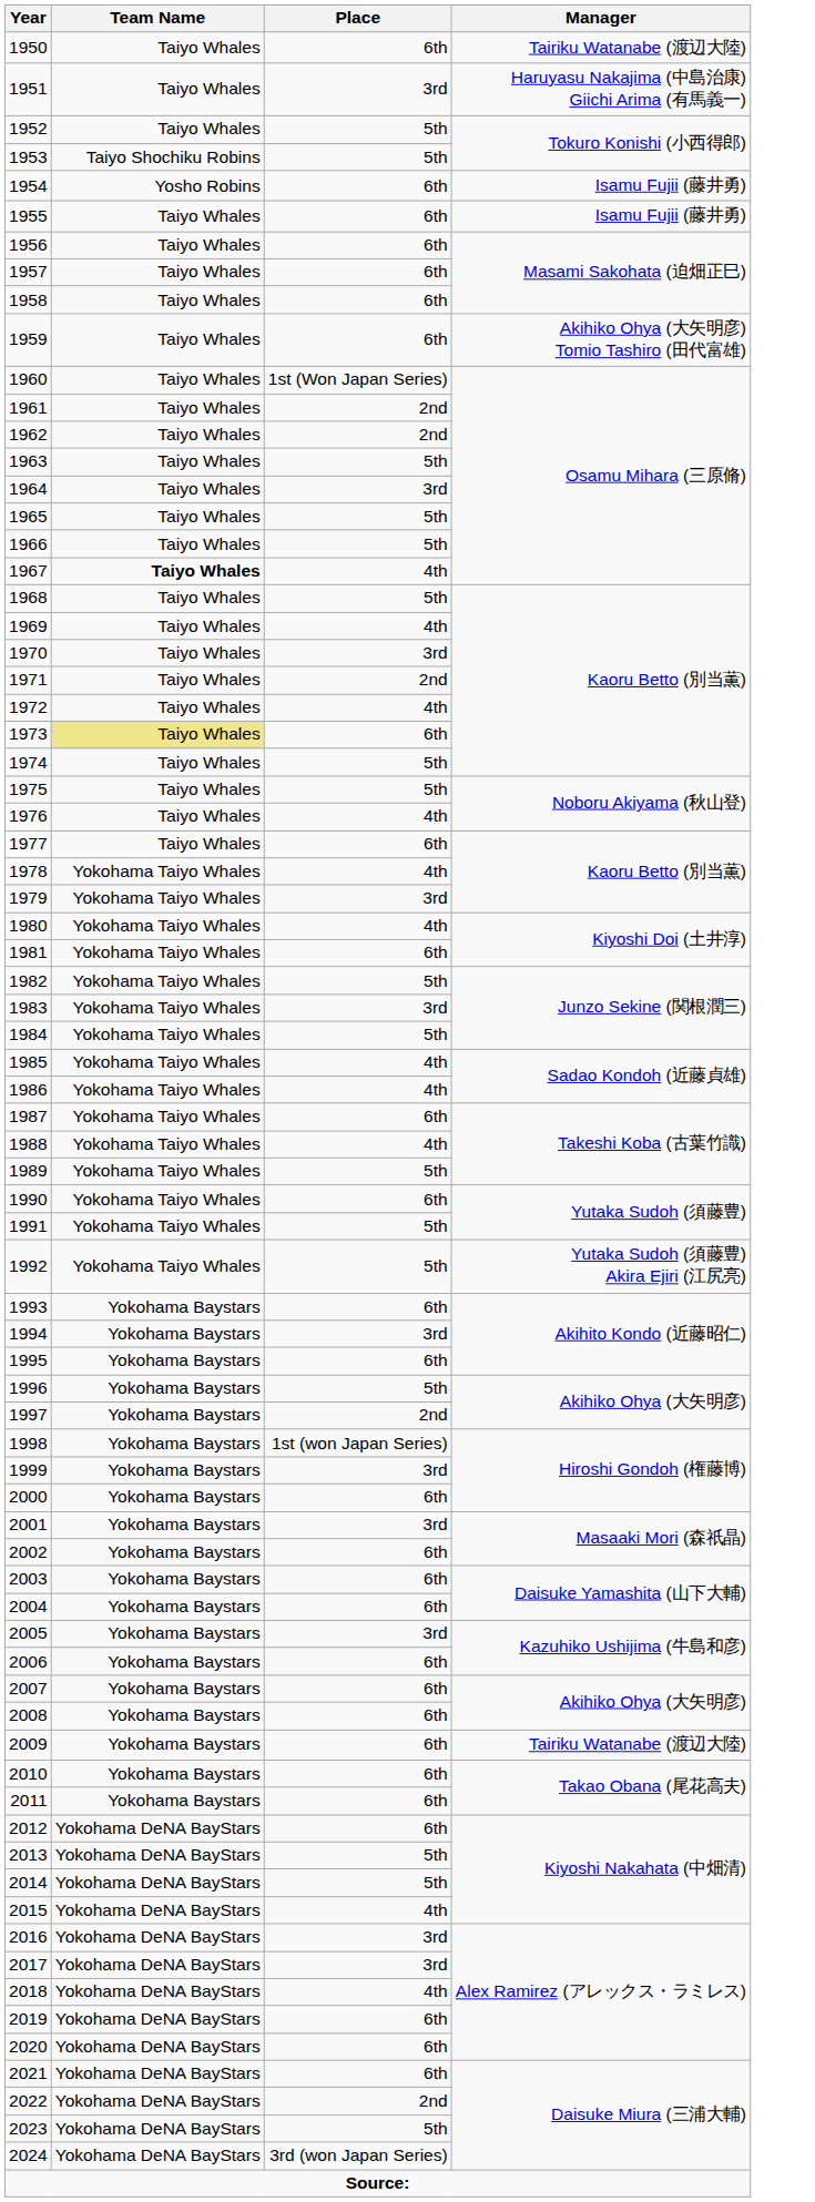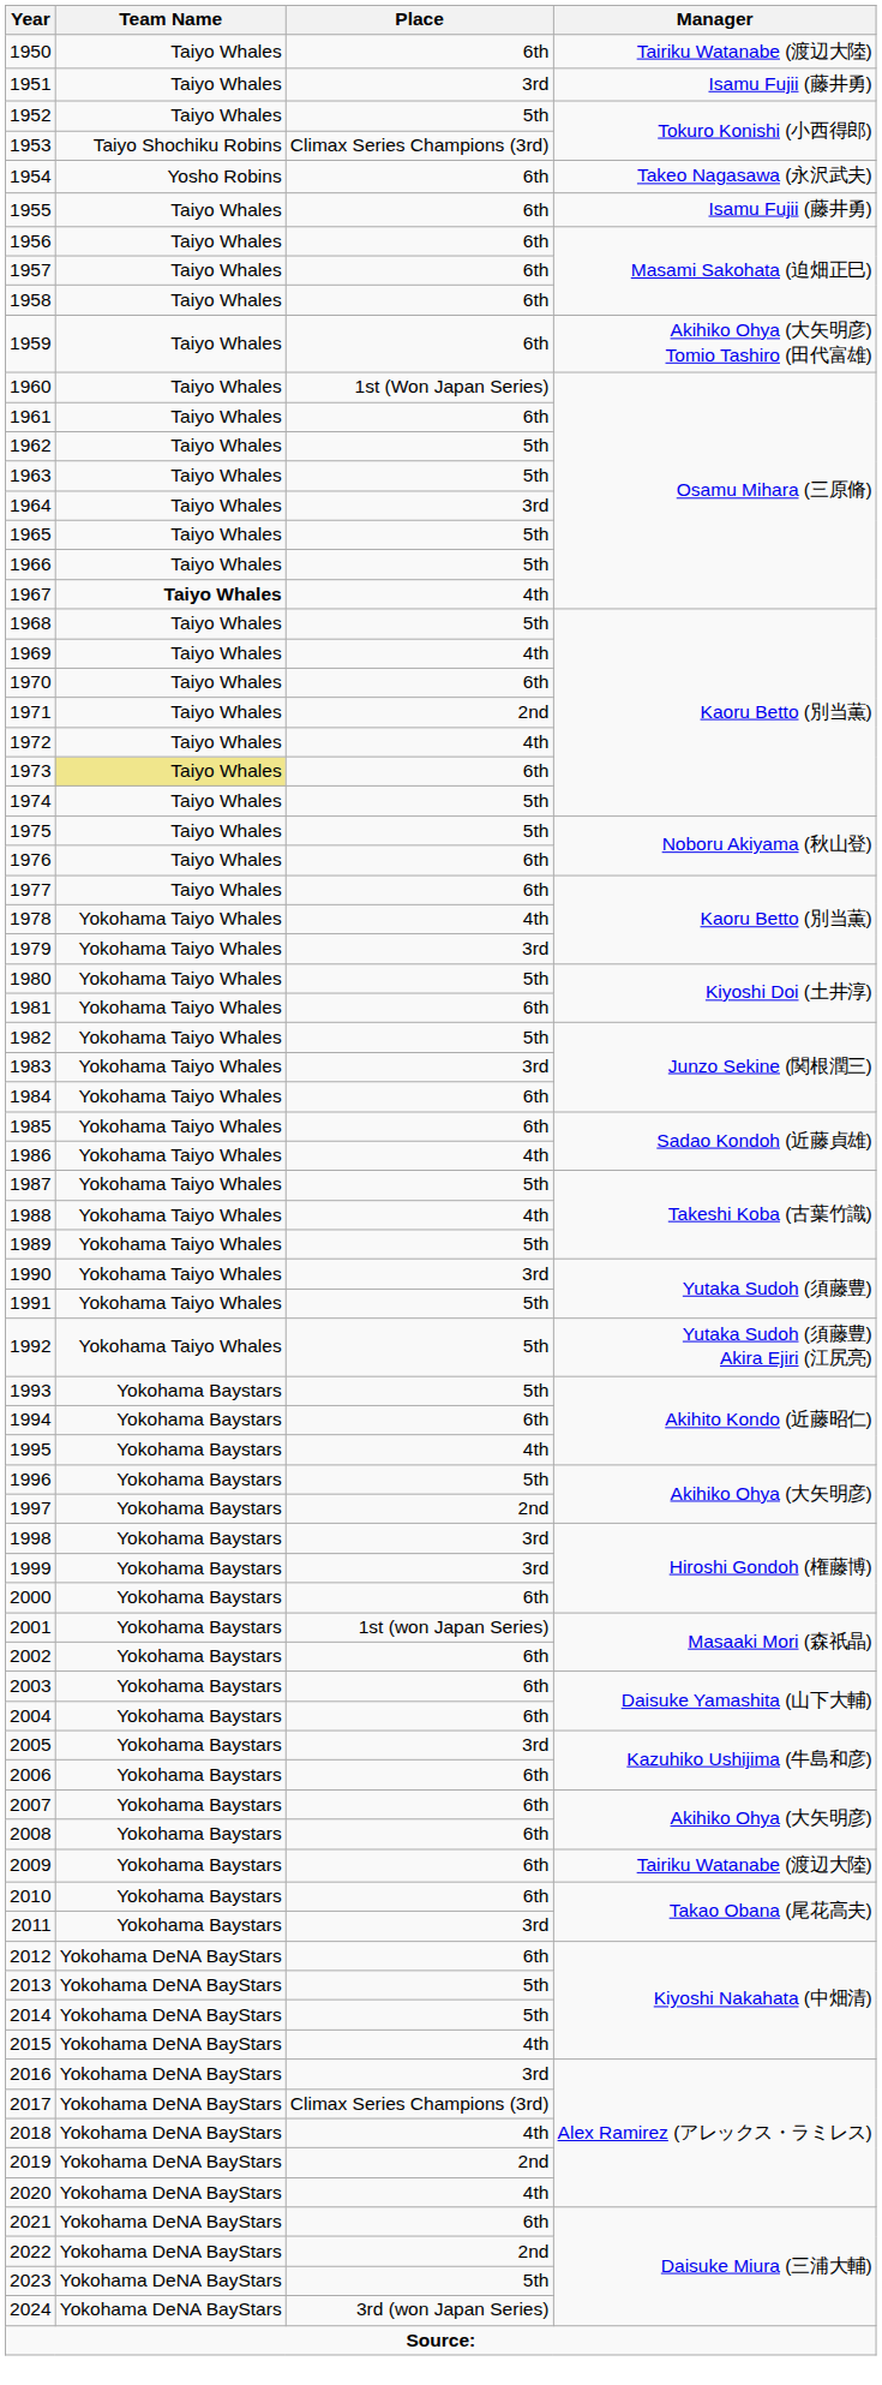 <table class="wikitable" style="text-align: right;">
 <tr>
 <th>Year</th>
 <th>Team Name</th>
 <th>Place</th>
 <th>Manager</th>
 </tr>
 <tr>
 <td>1950</td>
 <td>Taiyo Whales</td>
 <td>6th</td>
 <td><a href='#'>Tairiku Watanabe</a> (渡辺大陸)</td>
 </tr>
 <tr>
 <td>1951</td>
 <td>Taiyo Whales</td>
 <td>3rd</td>
-<td><a href='#'>Haruyasu Nakajima</a> (中島治康)<br><a href='#'>Giichi Arima</a> (有馬義一)</td>
+<td><a href='#'>Isamu Fujii</a> (藤井勇)</td>
 </tr>
 <tr>
 <td>1952</td>
 <td>Taiyo Whales</td>
 <td>5th</td>
 <td rowspan="2"><a href='#'>Tokuro Konishi</a> (小西得郎)</td>
 </tr>
 <tr>
 <td>1953</td>
 <td>Taiyo Shochiku Robins</td>
-<td>5th</td>
+<td>Climax Series Champions (3rd)</td>
 </tr>
 <tr>
 <td>1954</td>
 <td>Yosho Robins</td>
 <td>6th</td>
-<td><a href='#'>Isamu Fujii</a> (藤井勇)</td>
+<td><a href='#'>Takeo Nagasawa</a> (永沢武夫)</td>
 </tr>
 <tr>
 <td>1955</td>
 <td>Taiyo Whales</td>
 <td>6th</td>
 <td><a href='#'>Isamu Fujii</a> (藤井勇)</td>
 </tr>
 <tr>
 <td>1956</td>
 <td>Taiyo Whales</td>
 <td>6th</td>
 <td rowspan="3"><a href='#'>Masami Sakohata</a> (迫畑正巳)</td>
 </tr>
 <tr>
 <td>1957</td>
 <td>Taiyo Whales</td>
 <td>6th</td>
 </tr>
 <tr>
 <td>1958</td>
 <td>Taiyo Whales</td>
 <td>6th</td>
 </tr>
 <tr>
 <td>1959</td>
 <td>Taiyo Whales</td>
 <td>6th</td>
 <td><a href='#'>Akihiko Ohya</a> (大矢明彦)<br><a href='#'>Tomio Tashiro</a> (田代富雄)</td>
 </tr>
 <tr>
 <td>1960</td>
 <td>Taiyo Whales</td>
 <td>1st (Won Japan Series)</td>
 <td rowspan="8"><a href='#'>Osamu Mihara</a> (三原脩)</td>
 </tr>
 <tr>
 <td>1961</td>
 <td>Taiyo Whales</td>
-<td>2nd</td>
+<td>6th</td>
 </tr>
 <tr>
 <td>1962</td>
 <td>Taiyo Whales</td>
-<td>2nd</td>
+<td>5th</td>
 </tr>
 <tr>
 <td>1963</td>
 <td>Taiyo Whales</td>
 <td>5th</td>
 </tr>
 <tr>
 <td>1964</td>
 <td>Taiyo Whales</td>
 <td>3rd</td>
 </tr>
 <tr>
 <td>1965</td>
 <td>Taiyo Whales</td>
 <td>5th</td>
 </tr>
 <tr>
 <td>1966</td>
 <td>Taiyo Whales</td>
 <td>5th</td>
 </tr>
 <tr>
 <td>1967</td>
 <td><strong>Taiyo Whales</strong></td>
 <td>4th</td>
 </tr>
 <tr>
 <td>1968</td>
 <td>Taiyo Whales</td>
 <td>5th</td>
 <td rowspan="7"><a href='#'>Kaoru Betto</a> (別当薫)</td>
 </tr>
 <tr>
 <td>1969</td>
 <td>Taiyo Whales</td>
 <td>4th</td>
 </tr>
 <tr>
 <td>1970</td>
 <td>Taiyo Whales</td>
-<td>3rd</td>
+<td>6th</td>
 </tr>
 <tr>
 <td>1971</td>
 <td>Taiyo Whales</td>
 <td>2nd</td>
 </tr>
 <tr>
 <td>1972</td>
 <td>Taiyo Whales</td>
 <td>4th</td>
 </tr>
 <tr>
 <td>1973</td>
 <td style="background: khaki;">Taiyo Whales</td>
 <td>6th</td>
 </tr>
 <tr>
 <td>1974</td>
 <td>Taiyo Whales</td>
 <td>5th</td>
 </tr>
 <tr>
 <td>1975</td>
 <td>Taiyo Whales</td>
 <td>5th</td>
 <td rowspan="2"><a href='#'>Noboru Akiyama</a> (秋山登)</td>
 </tr>
 <tr>
 <td>1976</td>
 <td>Taiyo Whales</td>
-<td>4th</td>
+<td>6th</td>
 </tr>
 <tr>
 <td>1977</td>
 <td>Taiyo Whales</td>
 <td>6th</td>
 <td rowspan="3"><a href='#'>Kaoru Betto</a> (別当薫)</td>
 </tr>
 <tr>
 <td>1978</td>
 <td>Yokohama Taiyo Whales</td>
 <td>4th</td>
 </tr>
 <tr>
 <td>1979</td>
 <td>Yokohama Taiyo Whales</td>
 <td>3rd</td>
 </tr>
 <tr>
 <td>1980</td>
 <td>Yokohama Taiyo Whales</td>
-<td>4th</td>
+<td>5th</td>
 <td rowspan="2="><a href='#'>Kiyoshi Doi</a> (土井淳)</td>
 </tr>
 <tr>
 <td>1981</td>
 <td>Yokohama Taiyo Whales</td>
 <td>6th</td>
 </tr>
 <tr>
 <td>1982</td>
 <td>Yokohama Taiyo Whales</td>
 <td>5th</td>
 <td rowspan="3"><a href='#'>Junzo Sekine</a> (関根潤三)</td>
 </tr>
 <tr>
 <td>1983</td>
 <td>Yokohama Taiyo Whales</td>
 <td>3rd</td>
 </tr>
 <tr>
 <td>1984</td>
 <td>Yokohama Taiyo Whales</td>
-<td>5th</td>
+<td>6th</td>
 </tr>
 <tr>
 <td>1985</td>
 <td>Yokohama Taiyo Whales</td>
-<td>4th</td>
+<td>6th</td>
 <td rowspan="2"><a href='#'>Sadao Kondoh</a> (近藤貞雄)</td>
 </tr>
 <tr>
 <td>1986</td>
 <td>Yokohama Taiyo Whales</td>
 <td>4th</td>
 </tr>
 <tr>
 <td>1987</td>
 <td>Yokohama Taiyo Whales</td>
-<td>6th</td>
+<td>5th</td>
 <td rowspan="3"><a href='#'>Takeshi Koba</a> (古葉竹識)</td>
 </tr>
 <tr>
 <td>1988</td>
 <td>Yokohama Taiyo Whales</td>
 <td>4th</td>
 </tr>
 <tr>
 <td>1989</td>
 <td>Yokohama Taiyo Whales</td>
 <td>5th</td>
 </tr>
 <tr>
 <td>1990</td>
 <td>Yokohama Taiyo Whales</td>
-<td>6th</td>
+<td>3rd</td>
 <td rowspan="2"><a href='#'>Yutaka Sudoh</a> (須藤豊)</td>
 </tr>
 <tr>
 <td>1991</td>
 <td>Yokohama Taiyo Whales</td>
 <td>5th</td>
 </tr>
 <tr>
 <td>1992</td>
 <td>Yokohama Taiyo Whales</td>
 <td>5th</td>
 <td><a href='#'>Yutaka Sudoh</a> (須藤豊)<br><a href='#'>Akira Ejiri</a> (江尻亮)</td>
 </tr>
 <tr>
 <td>1993</td>
 <td>Yokohama Baystars</td>
-<td>6th</td>
+<td>5th</td>
 <td rowspan="3"><a href='#'>Akihito Kondo</a> (近藤昭仁)</td>
 </tr>
 <tr>
 <td>1994</td>
 <td>Yokohama Baystars</td>
-<td>3rd</td>
+<td>6th</td>
 </tr>
 <tr>
 <td>1995</td>
 <td>Yokohama Baystars</td>
-<td>6th</td>
+<td>4th</td>
 </tr>
 <tr>
 <td>1996</td>
 <td>Yokohama Baystars</td>
 <td>5th</td>
 <td rowspan="2"><a href='#'>Akihiko Ohya</a> (大矢明彦)</td>
 </tr>
 <tr>
 <td>1997</td>
 <td>Yokohama Baystars</td>
 <td>2nd</td>
 </tr>
 <tr>
 <td>1998</td>
 <td>Yokohama Baystars</td>
-<td>1st (won Japan Series)</td>
+<td>3rd</td>
 <td rowspan="3"><a href='#'>Hiroshi Gondoh</a> (権藤博)</td>
 </tr>
 <tr>
 <td>1999</td>
 <td>Yokohama Baystars</td>
 <td>3rd</td>
 </tr>
 <tr>
 <td>2000</td>
 <td>Yokohama Baystars</td>
 <td>6th</td>
 </tr>
 <tr>
 <td>2001</td>
 <td>Yokohama Baystars</td>
-<td>3rd</td>
+<td>1st (won Japan Series)</td>
 <td rowspan="2"><a href='#'>Masaaki Mori</a> (森祇晶)</td>
 </tr>
 <tr>
 <td>2002</td>
 <td>Yokohama Baystars</td>
 <td>6th</td>
 </tr>
 <tr>
 <td>2003</td>
 <td>Yokohama Baystars</td>
 <td>6th</td>
 <td rowspan="2"><a href='#'>Daisuke Yamashita</a> (山下大輔)</td>
 </tr>
 <tr>
 <td>2004</td>
 <td>Yokohama Baystars</td>
 <td>6th</td>
 </tr>
 <tr>
 <td>2005</td>
 <td>Yokohama Baystars</td>
 <td>3rd</td>
 <td rowspan="2"><a href='#'>Kazuhiko Ushijima</a> (牛島和彦)</td>
 </tr>
 <tr>
 <td>2006</td>
 <td>Yokohama Baystars</td>
 <td>6th</td>
 </tr>
 <tr>
 <td>2007</td>
 <td>Yokohama Baystars</td>
 <td>6th</td>
 <td rowspan="2"><a href='#'>Akihiko Ohya</a> (大矢明彦)</td>
 </tr>
 <tr>
 <td>2008</td>
 <td>Yokohama Baystars</td>
 <td>6th</td>
 </tr>
 <tr>
 <td>2009</td>
 <td>Yokohama Baystars</td>
 <td>6th</td>
 <td><a href='#'>Tairiku Watanabe</a> (渡辺大陸)</td>
 </tr>
 <tr>
 <td>2010</td>
 <td>Yokohama Baystars</td>
 <td>6th</td>
 <td rowspan="2"><a href='#'>Takao Obana</a> (尾花高夫)</td>
 </tr>
 <tr>
 <td>2011</td>
 <td>Yokohama Baystars</td>
-<td>6th</td>
+<td>3rd</td>
 </tr>
 <tr>
 <td>2012</td>
 <td>Yokohama DeNA BayStars</td>
 <td>6th</td>
 <td rowspan="4"><a href='#'>Kiyoshi Nakahata</a> (中畑清)</td>
 </tr>
 <tr>
 <td>2013</td>
 <td>Yokohama DeNA BayStars</td>
 <td>5th</td>
 </tr>
 <tr>
 <td>2014</td>
 <td>Yokohama DeNA BayStars</td>
 <td>5th</td>
 </tr>
 <tr>
 <td>2015</td>
 <td>Yokohama DeNA BayStars</td>
 <td>4th</td>
 </tr>
 <tr>
 <td>2016</td>
 <td>Yokohama DeNA BayStars</td>
 <td>3rd</td>
 <td rowspan="5"><a href='#'>Alex Ramirez</a> (アレックス・ラミレス)</td>
 </tr>
 <tr>
 <td>2017</td>
 <td>Yokohama DeNA BayStars</td>
-<td>3rd</td>
+<td>Climax Series Champions (3rd)</td>
 </tr>
 <tr>
 <td>2018</td>
 <td>Yokohama DeNA BayStars</td>
 <td>4th</td>
 </tr>
 <tr>
 <td>2019</td>
 <td>Yokohama DeNA BayStars</td>
-<td>6th</td>
+<td>2nd</td>
 </tr>
 <tr>
 <td>2020</td>
 <td>Yokohama DeNA BayStars</td>
-<td>6th</td>
+<td>4th</td>
 </tr>
 <tr>
 <td>2021</td>
 <td>Yokohama DeNA BayStars</td>
 <td>6th</td>
 <td rowspan="4"><a href='#'>Daisuke Miura</a> (三浦大輔)</td>
 </tr>
 <tr>
 <td>2022</td>
 <td>Yokohama DeNA BayStars</td>
 <td>2nd</td>
 </tr>
 <tr>
 <td>2023</td>
 <td>Yokohama DeNA BayStars</td>
 <td>5th</td>
 </tr>
 <tr>
 <td>2024</td>
 <td>Yokohama DeNA BayStars</td>
 <td>3rd (won Japan Series)</td>
 </tr>
 <tr>
 <td colspan="4" style="text-align: center;"><strong>Source:</strong></td>
 </tr>
 </table>
